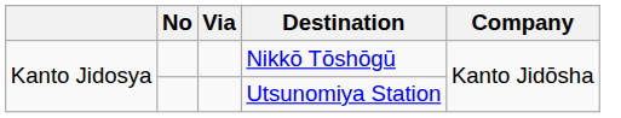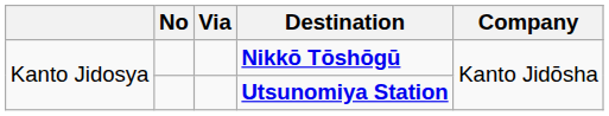 <table class="wikitable">
 <tr>
 <th></th>
 <th>No</th>
 <th>Via</th>
 <th>Destination</th>
 <th>Company</th>
 </tr>
 <tr>
 <td rowspan="2">Kanto Jidosya</td>
 <td></td>
 <td></td>
-<td><a href='#'>Nikkō Tōshōgū</a></td>
+<td><strong><a href='#'>Nikkō Tōshōgū</a></strong></td>
 <td rowspan="2">Kanto Jidōsha</td>
 </tr>
 <tr>
 <td></td>
 <td></td>
-<td><a href='#'>Utsunomiya Station</a></td>
+<td><strong><a href='#'>Utsunomiya Station</a></strong></td>
 </tr>
 </table>
